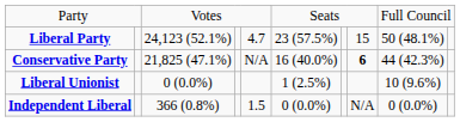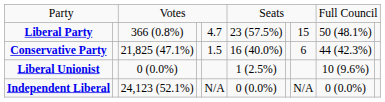 <table class=wikitable style="text-align:center;">
 <tr>
 <td colspan=2>Party</td>
 <td colspan=3>Votes</td>
 <td colspan=3>Seats</td>
 <td colspan=3>Full Council</td>
 </tr>
 <tr>
 <td><strong><a href='#'>Liberal Party</a></strong></td>
 <td style="background:"></td>
-<td>24,123 (52.1%)</td>
+<td>366 (0.8%)</td>
 <td></td>
 <td> 4.7</td>
 <td>23 (57.5%)</td>
 <td></td>
 <td> 15</td>
 <td>50 (48.1%)</td>
 <td></td>
 </tr>
 <tr>
 <td><strong><a href='#'>Conservative Party</a></strong></td>
 <td style="background:"></td>
 <td>21,825 (47.1%)</td>
 <td></td>
-<td>N/A</td>
+<td> 1.5</td>
 <td>16 (40.0%)</td>
 <td></td>
-<td><strong> 6</strong></td>
+<td> 6</td>
 <td>44 (42.3%)</td>
 <td></td>
 </tr>
 <tr>
 <td><strong><a href='#'>Liberal Unionist</a></strong></td>
 <td style="background:"></td>
 <td>0 (0.0%)</td>
 <td></td>
 <td></td>
 <td>1 (2.5%)</td>
 <td></td>
 <td></td>
 <td>10 (9.6%)</td>
 <td></td>
 </tr>
 <tr>
 <td><strong><a href='#'>Independent Liberal</a></strong></td>
 <td style="background:"></td>
-<td>366 (0.8%)</td>
+<td>24,123 (52.1%)</td>
 <td></td>
-<td> 1.5</td>
+<td>N/A</td>
 <td>0 (0.0%)</td>
 <td></td>
 <td>N/A</td>
 <td>0 (0.0%)</td>
 <td></td>
 </tr>
 </table>
